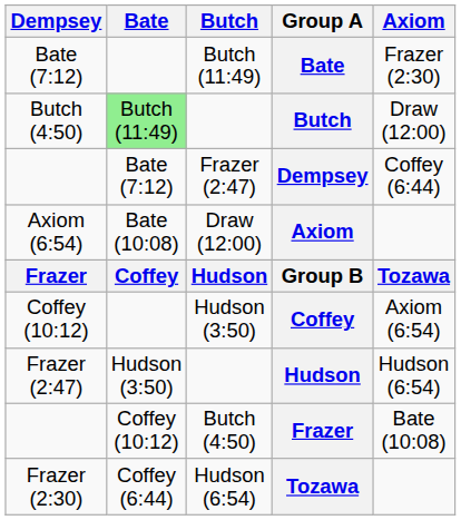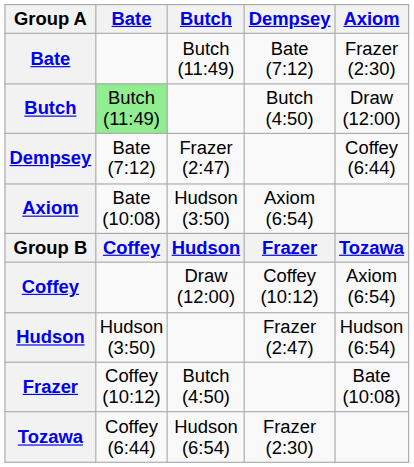 <table class="wikitable" style="margin: 1em auto 1em auto">
 <tr align="center">
-<th><a href='#'>Dempsey</a></th>
+<th>Group A</th>
 <th><a href='#'>Bate</a></th>
 <th><a href='#'>Butch</a></th>
-<th>Group A</th>
+<th><a href='#'>Dempsey</a></th>
 <th><a href='#'>Axiom</a></th>
 </tr>
 <tr align="center">
-<td>Bate<br>(7:12)</td>
+<th><a href='#'>Bate</a></th>
 <td></td>
 <td>Butch<br>(11:49)</td>
-<th><a href='#'>Bate</a></th>
+<td>Bate<br>(7:12)</td>
 <td>Frazer<br>(2:30)</td>
 </tr>
 <tr align="center">
-<td>Butch<br>(4:50)</td>
+<th><a href='#'>Butch</a></th>
 <td style="background: lightgreen;">Butch<br>(11:49)</td>
 <td></td>
-<th><a href='#'>Butch</a></th>
+<td>Butch<br>(4:50)</td>
 <td>Draw<br>(12:00)</td>
 </tr>
 <tr align="center">
-<td></td>
+<th><a href='#'>Dempsey</a></th>
 <td>Bate<br>(7:12)</td>
 <td>Frazer<br>(2:47)</td>
-<th><a href='#'>Dempsey</a></th>
+<td></td>
 <td>Coffey<br>(6:44)</td>
 </tr>
 <tr align="center">
+<th><a href='#'>Axiom</a></th>
+<td>Bate<br>(10:08)</td>
+<td>Hudson<br>(3:50)</td>
 <td>Axiom<br>(6:54)</td>
-<td>Bate<br>(10:08)</td>
-<td>Draw<br>(12:00)</td>
-<th><a href='#'>Axiom</a></th>
 <td></td>
 </tr>
 <tr align="center">
-<th><a href='#'>Frazer</a></th>
+<th>Group B</th>
 <th><a href='#'>Coffey</a></th>
 <th><a href='#'>Hudson</a></th>
-<th>Group B</th>
+<th><a href='#'>Frazer</a></th>
 <th><a href='#'>Tozawa</a></th>
 </tr>
 <tr align="center">
+<th><a href='#'>Coffey</a></th>
+<td></td>
+<td>Draw<br>(12:00)</td>
 <td>Coffey<br>(10:12)</td>
-<td></td>
-<td>Hudson<br>(3:50)</td>
-<th><a href='#'>Coffey</a></th>
 <td>Axiom<br>(6:54)</td>
 </tr>
 <tr align="center">
-<td>Frazer<br>(2:47)</td>
+<th><a href='#'>Hudson</a></th>
 <td>Hudson<br>(3:50)</td>
 <td></td>
-<th><a href='#'>Hudson</a></th>
+<td>Frazer<br>(2:47)</td>
 <td>Hudson<br>(6:54)</td>
 </tr>
 <tr align="center">
-<td></td>
+<th><a href='#'>Frazer</a></th>
 <td>Coffey<br>(10:12)</td>
 <td>Butch<br>(4:50)</td>
-<th><a href='#'>Frazer</a></th>
+<td></td>
 <td>Bate<br>(10:08)</td>
 </tr>
 <tr align="center">
-<td>Frazer<br>(2:30)</td>
+<th><a href='#'>Tozawa</a></th>
 <td>Coffey<br>(6:44)</td>
 <td>Hudson<br>(6:54)</td>
-<th><a href='#'>Tozawa</a></th>
+<td>Frazer<br>(2:30)</td>
 <td></td>
 </tr>
 </table>
